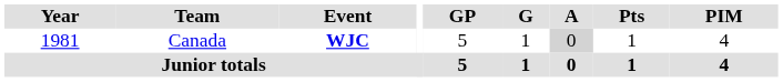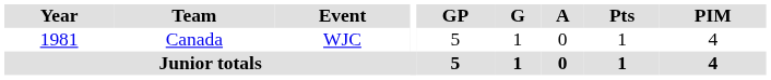 <table border="0" cellpadding="1" cellspacing="0" ID="Table3" style="text-align:center; width:40em">
 <tr bgcolor="#e0e0e0">
 <th>Year</th>
 <th>Team</th>
 <th>Event</th>
 <th rowspan="102" bgcolor="#ffffff"></th>
 <th>GP</th>
 <th>G</th>
 <th>A</th>
 <th>Pts</th>
 <th>PIM</th>
 </tr>
 <tr>
 <td><a href='#'>1981</a></td>
 <td><a href='#'>Canada</a></td>
-<td><strong><a href='#'>WJC</a></strong></td>
+<td><a href='#'>WJC</a></td>
 <td>5</td>
 <td>1</td>
-<td style="background: lightgrey;">0</td>
+<td>0</td>
 <td>1</td>
 <td>4</td>
 </tr>
 <tr bgcolor="#e0e0e0">
 <th colspan="4">Junior totals</th>
 <th>5</th>
 <th>1</th>
 <th>0</th>
 <th>1</th>
 <th>4</th>
 </tr>
 </table>
